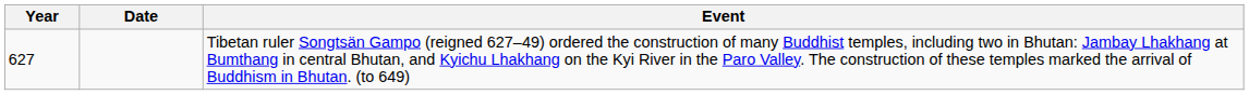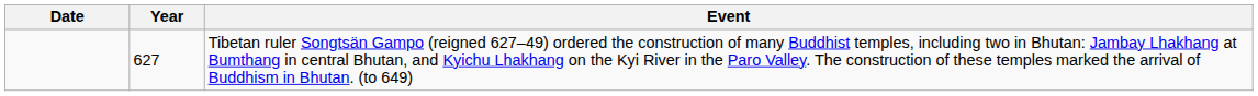 <table class="wikitable" width="100%">
 <tr>
+<th style="width:10%">Date</th>
 <th style="width:6%">Year</th>
-<th style="width:10%">Date</th>
 <th>Event</th>
 </tr>
 <tr>
+<td></td>
 <td>627</td>
-<td></td>
 <td>Tibetan ruler <a href='#'>Songtsän Gampo</a> (reigned 627–49) ordered the construction of many <a href='#'>Buddhist</a> temples, including two in Bhutan: <a href='#'>Jambay Lhakhang</a> at <a href='#'>Bumthang</a> in central Bhutan, and <a href='#'>Kyichu Lhakhang</a> on the Kyi River in the <a href='#'>Paro Valley</a>. The construction of these temples marked the arrival of <a href='#'>Buddhism in Bhutan</a>. (to 649)</td>
 </tr>
 </table>
